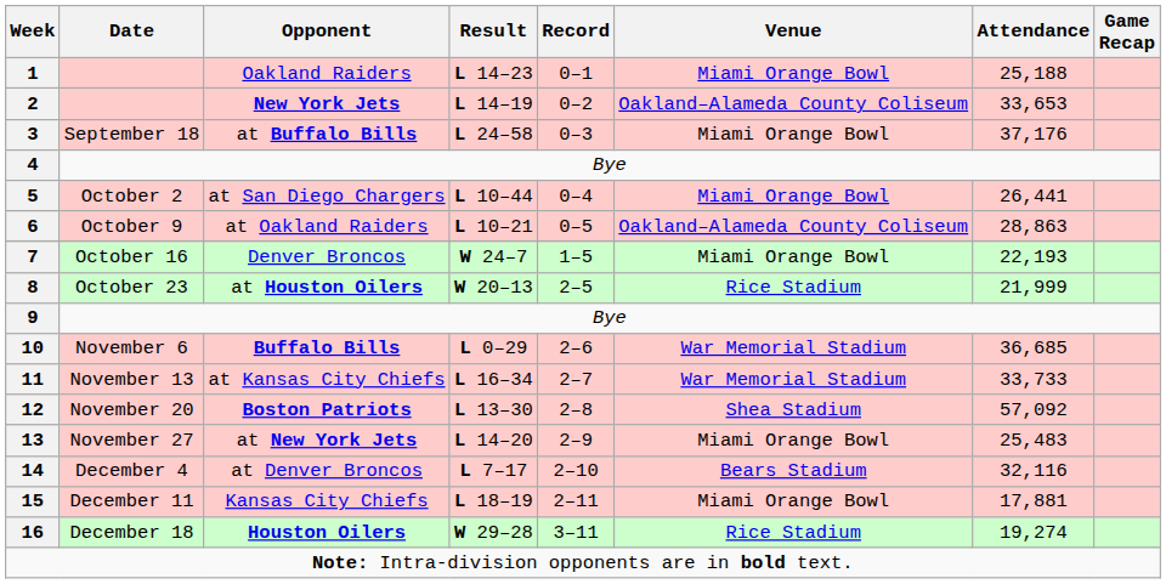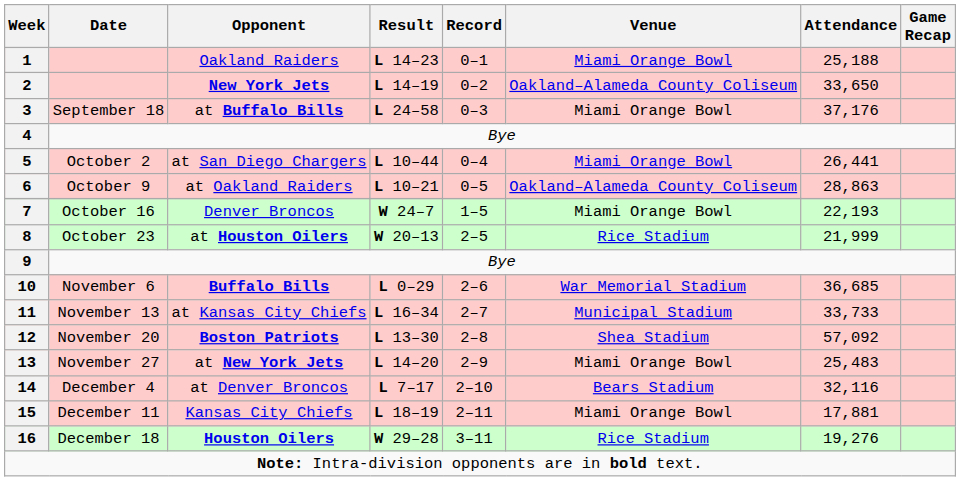 <table class="wikitable" style="text-align:center">
 <tr>
 <th>Week</th>
 <th>Date</th>
 <th>Opponent</th>
 <th>Result</th>
 <th>Record</th>
 <th>Venue</th>
 <th>Attendance</th>
 <th>Game<br>Recap</th>
 </tr>
 <tr style="background:#fcc">
 <th>1</th>
 <td></td>
 <td><a href='#'>Oakland Raiders</a></td>
 <td><strong>L</strong> 14–23</td>
 <td>0–1</td>
 <td><a href='#'>Miami Orange Bowl</a></td>
 <td>25,188</td>
 <td></td>
 </tr>
 <tr style="background:#fcc">
 <th>2</th>
 <td></td>
 <td><strong><a href='#'>New York Jets</a></strong></td>
 <td><strong>L</strong> 14–19</td>
 <td>0–2</td>
 <td><a href='#'>Oakland–Alameda County Coliseum</a></td>
-<td>33,653</td>
+<td>33,650</td>
 <td></td>
 </tr>
 <tr style="background:#fcc">
 <th>3</th>
 <td>September 18</td>
 <td>at <strong><a href='#'>Buffalo Bills</a></strong></td>
 <td><strong>L</strong> 24–58</td>
 <td>0–3</td>
 <td>Miami Orange Bowl</td>
 <td>37,176</td>
 <td></td>
 </tr>
 <tr>
 <th>4</th>
 <td colspan=7 align="center"><em>Bye</em></td>
 </tr>
 <tr style="background:#fcc">
 <th>5</th>
 <td>October 2</td>
 <td>at <a href='#'>San Diego Chargers</a></td>
 <td><strong>L</strong> 10–44</td>
 <td>0–4</td>
 <td><a href='#'>Miami Orange Bowl</a></td>
 <td>26,441</td>
 <td></td>
 </tr>
 <tr style="background:#fcc">
 <th>6</th>
 <td>October 9</td>
 <td>at <a href='#'>Oakland Raiders</a></td>
 <td><strong>L</strong> 10–21</td>
 <td>0–5</td>
 <td><a href='#'>Oakland–Alameda County Coliseum</a></td>
 <td>28,863</td>
 <td></td>
 </tr>
 <tr>
 </tr>
 <tr style="background:#cfc">
 <th>7</th>
 <td>October 16</td>
 <td><a href='#'>Denver Broncos</a></td>
 <td><strong>W</strong> 24–7</td>
 <td>1–5</td>
 <td>Miami Orange Bowl</td>
 <td>22,193</td>
 <td></td>
 </tr>
 <tr style="background:#cfc">
 <th>8</th>
 <td>October 23</td>
 <td>at <strong><a href='#'>Houston Oilers</a></strong></td>
 <td><strong>W</strong> 20–13</td>
 <td>2–5</td>
 <td><a href='#'>Rice Stadium</a></td>
 <td>21,999</td>
 <td></td>
 </tr>
 <tr>
 <th>9</th>
 <td colspan=7 align="center"><em>Bye</em></td>
 </tr>
 <tr style="background:#fcc">
 <th>10</th>
 <td>November 6</td>
 <td><strong><a href='#'>Buffalo Bills</a></strong></td>
 <td><strong>L</strong> 0–29</td>
 <td>2–6</td>
 <td><a href='#'>War Memorial Stadium</a></td>
 <td>36,685</td>
 <td></td>
 </tr>
 <tr style="background:#fcc">
 <th>11</th>
 <td>November 13</td>
 <td>at <a href='#'>Kansas City Chiefs</a></td>
 <td><strong>L</strong> 16–34</td>
 <td>2–7</td>
-<td><a href='#'>War Memorial Stadium</a></td>
+<td><a href='#'>Municipal Stadium</a></td>
 <td>33,733</td>
 <td></td>
 </tr>
 <tr style="background:#fcc">
 <th>12</th>
 <td>November 20</td>
 <td><strong><a href='#'>Boston Patriots</a></strong></td>
 <td><strong>L</strong> 13–30</td>
 <td>2–8</td>
 <td><a href='#'>Shea Stadium</a></td>
 <td>57,092</td>
 <td></td>
 </tr>
 <tr style="background:#fcc">
 <th>13</th>
 <td>November 27</td>
 <td>at <strong><a href='#'>New York Jets</a></strong></td>
 <td><strong>L</strong> 14–20</td>
 <td>2–9</td>
 <td>Miami Orange Bowl</td>
 <td>25,483</td>
 <td></td>
 </tr>
 <tr style="background:#fcc">
 <th>14</th>
 <td>December 4</td>
 <td>at <a href='#'>Denver Broncos</a></td>
 <td><strong>L</strong> 7–17</td>
 <td>2–10</td>
 <td><a href='#'>Bears Stadium</a></td>
 <td>32,116</td>
 <td></td>
 </tr>
 <tr style="background:#fcc">
 <th>15</th>
 <td>December 11</td>
 <td><a href='#'>Kansas City Chiefs</a></td>
 <td><strong>L</strong> 18–19</td>
 <td>2–11</td>
 <td>Miami Orange Bowl</td>
 <td>17,881</td>
 <td></td>
 </tr>
 <tr style="background:#cfc">
 <th>16</th>
 <td>December 18</td>
 <td><strong><a href='#'>Houston Oilers</a></strong></td>
 <td><strong>W</strong> 29–28</td>
 <td>3–11</td>
 <td><a href='#'>Rice Stadium</a></td>
-<td>19,274</td>
+<td>19,276</td>
 <td></td>
 </tr>
 <tr>
 <td colspan="8"><strong>Note:</strong> Intra-division opponents are in <strong>bold</strong> text.</td>
 </tr>
 </table>
